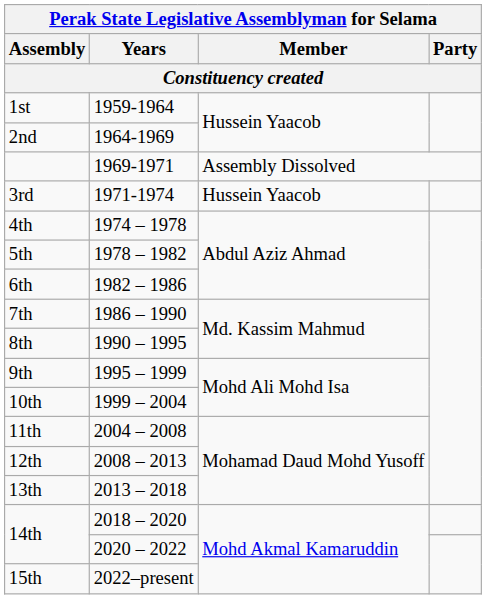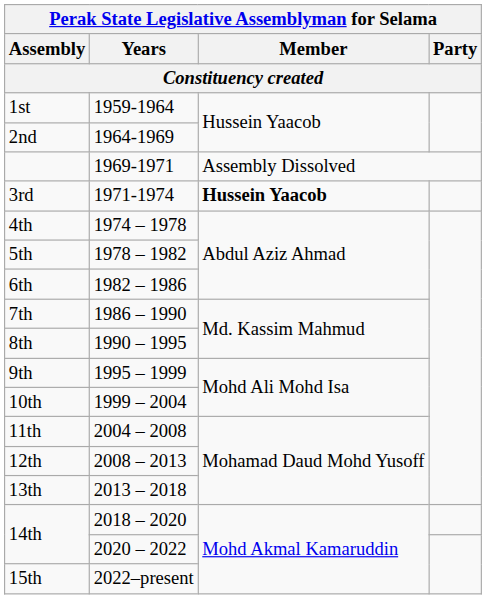 <table class="wikitable">
 <tr>
 <th colspan="4"><a href='#'>Perak State Legislative Assemblyman</a> for Selama</th>
 </tr>
 <tr>
 <th>Assembly</th>
 <th>Years</th>
 <th>Member</th>
 <th>Party</th>
 </tr>
 <tr>
 <th colspan="4" align="center"><em>Constituency created</em></th>
 </tr>
 <tr>
 <td>1st</td>
 <td>1959-1964</td>
 <td rowspan="2">Hussein Yaacob</td>
 <td rowspan="2"></td>
 </tr>
 <tr>
 <td>2nd</td>
 <td>1964-1969</td>
 </tr>
 <tr>
 <td></td>
 <td>1969-1971</td>
 <td colspan="2">Assembly Dissolved</td>
 </tr>
 <tr>
 <td>3rd</td>
 <td>1971-1974</td>
-<td>Hussein Yaacob</td>
+<td><strong>Hussein Yaacob</strong></td>
 <td></td>
 </tr>
 <tr>
 <td>4th</td>
 <td>1974 – 1978</td>
 <td rowspan="3">Abdul Aziz Ahmad</td>
 <td rowspan="10"></td>
 </tr>
 <tr>
 <td>5th</td>
 <td>1978 – 1982</td>
 </tr>
 <tr>
 <td>6th</td>
 <td>1982 – 1986</td>
 </tr>
 <tr>
 <td>7th</td>
 <td>1986 – 1990</td>
 <td rowspan="2">Md. Kassim Mahmud</td>
 </tr>
 <tr>
 <td>8th</td>
 <td>1990 – 1995</td>
 </tr>
 <tr>
 <td>9th</td>
 <td>1995 – 1999</td>
 <td rowspan="2">Mohd Ali Mohd Isa</td>
 </tr>
 <tr>
 <td>10th</td>
 <td>1999 – 2004</td>
 </tr>
 <tr>
 <td>11th</td>
 <td>2004 – 2008</td>
 <td rowspan="3">Mohamad Daud Mohd Yusoff</td>
 </tr>
 <tr>
 <td>12th</td>
 <td>2008 – 2013</td>
 </tr>
 <tr>
 <td>13th</td>
 <td>2013 – 2018</td>
 </tr>
 <tr>
 <td rowspan="2">14th</td>
 <td>2018 – 2020</td>
 <td rowspan="3"><a href='#'>Mohd Akmal Kamaruddin</a></td>
 <td></td>
 </tr>
 <tr>
 <td>2020 – 2022</td>
 <td rowspan="2"></td>
 </tr>
 <tr>
 <td>15th</td>
 <td>2022–present</td>
 </tr>
 </table>
